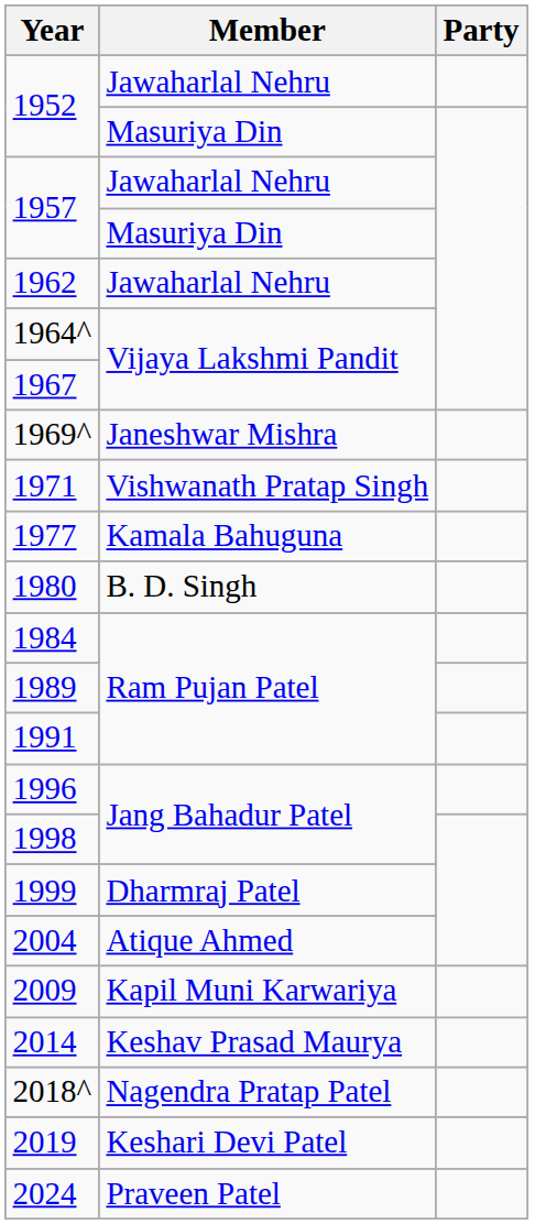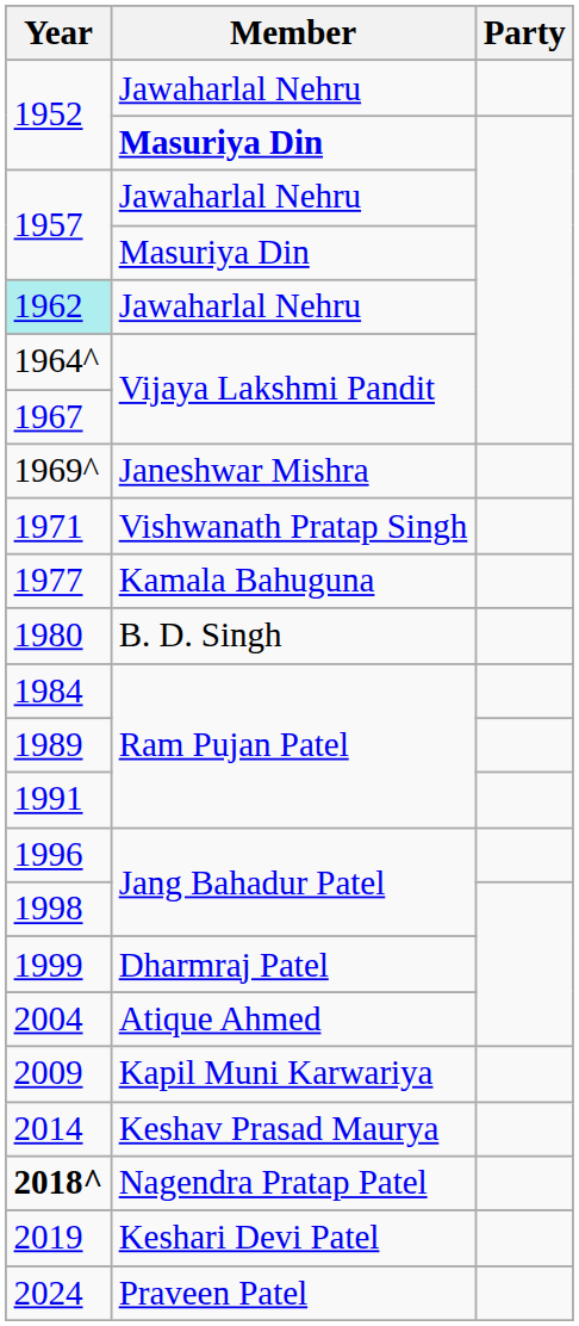 <table class="wikitable sortable">
 <tr>
 <th>Year</th>
 <th>Member</th>
 <th colspan="2">Party</th>
 </tr>
 <tr>
 <td rowspan="2"><a href='#'>1952</a></td>
 <td><a href='#'>Jawaharlal Nehru</a></td>
 <td></td>
 </tr>
 <tr>
-<td><a href='#'>Masuriya Din</a></td>
+<td><strong><a href='#'>Masuriya Din</a></strong></td>
 </tr>
 <tr>
 <td rowspan="2"><a href='#'>1957</a></td>
 <td><a href='#'>Jawaharlal Nehru</a></td>
 </tr>
 <tr>
 <td><a href='#'>Masuriya Din</a></td>
 </tr>
 <tr>
-<td><a href='#'>1962</a></td>
+<td style="background: paleturquoise;"><a href='#'>1962</a></td>
 <td><a href='#'>Jawaharlal Nehru</a></td>
 </tr>
 <tr>
 <td>1964^</td>
 <td rowspan="2"><a href='#'>Vijaya Lakshmi Pandit</a></td>
 </tr>
 <tr>
 <td><a href='#'>1967</a></td>
 </tr>
 <tr>
 <td>1969^</td>
 <td><a href='#'>Janeshwar Mishra</a></td>
 <td></td>
 </tr>
 <tr>
 <td><a href='#'>1971</a></td>
 <td><a href='#'>Vishwanath Pratap Singh</a></td>
 <td></td>
 </tr>
 <tr>
 <td><a href='#'>1977</a></td>
 <td><a href='#'>Kamala Bahuguna</a></td>
 <td></td>
 </tr>
 <tr>
 <td><a href='#'>1980</a></td>
 <td>B. D. Singh</td>
 <td></td>
 </tr>
 <tr>
 <td><a href='#'>1984</a></td>
 <td rowspan="3"><a href='#'>Ram Pujan Patel</a></td>
 <td></td>
 </tr>
 <tr>
 <td><a href='#'>1989</a></td>
 <td></td>
 </tr>
 <tr>
 <td><a href='#'>1991</a></td>
 </tr>
 <tr>
 <td><a href='#'>1996</a></td>
 <td rowspan="2"><a href='#'>Jang Bahadur Patel</a></td>
 <td></td>
 </tr>
 <tr>
 <td><a href='#'>1998</a></td>
 </tr>
 <tr>
 <td><a href='#'>1999</a></td>
 <td><a href='#'>Dharmraj Patel</a></td>
 </tr>
 <tr>
 <td><a href='#'>2004</a></td>
 <td><a href='#'>Atique Ahmed</a></td>
 </tr>
 <tr>
 <td><a href='#'>2009</a></td>
 <td><a href='#'>Kapil Muni Karwariya</a></td>
 <td></td>
 </tr>
 <tr>
 <td><a href='#'>2014</a></td>
 <td><a href='#'>Keshav Prasad Maurya</a></td>
 <td></td>
 </tr>
 <tr>
-<td>2018^</td>
+<td><strong>2018^</strong></td>
 <td><a href='#'>Nagendra Pratap Patel</a></td>
 <td></td>
 </tr>
 <tr>
 <td><a href='#'>2019</a></td>
 <td><a href='#'>Keshari Devi Patel</a></td>
 <td></td>
 </tr>
 <tr>
 <td><a href='#'>2024</a></td>
 <td><a href='#'>Praveen Patel</a></td>
 </tr>
 </table>
